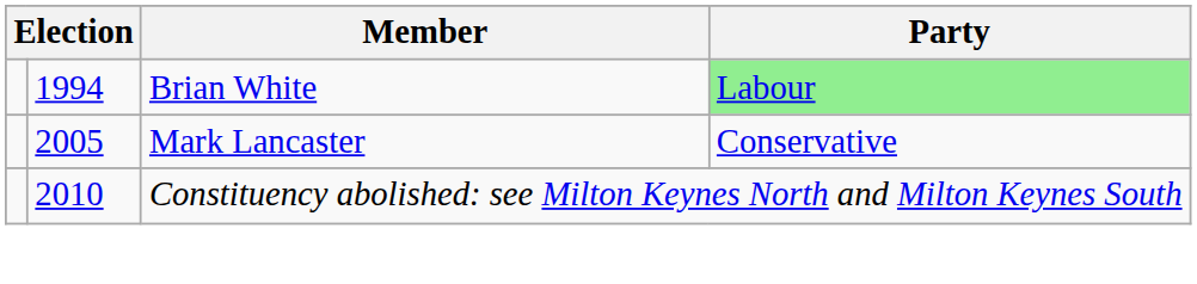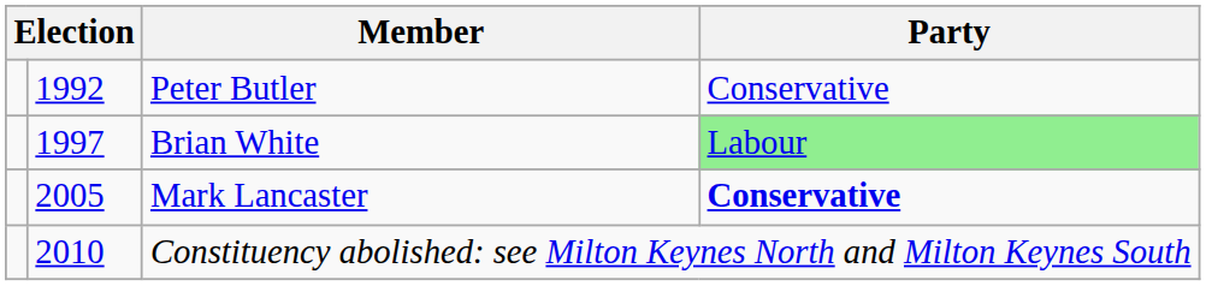 <table class="wikitable">
 <tr>
 <th colspan="2">Election</th>
 <th>Member</th>
 <th>Party</th>
 </tr>
 <tr>
 <td style="color:inherit;background-color: "></td>
-<td><a href='#'>1994</a></td>
+<td><a href='#'>1992</a></td>
+<td><a href='#'>Peter Butler</a></td>
+<td><a href='#'>Conservative</a></td>
+</tr>
+<tr>
+<td style="color:inherit;background-color: "></td>
+<td><a href='#'>1997</a></td>
 <td><a href='#'>Brian White</a></td>
 <td style="background: lightgreen;"><a href='#'>Labour</a></td>
 </tr>
 <tr>
 <td style="color:inherit;background-color: "></td>
 <td><a href='#'>2005</a></td>
 <td><a href='#'>Mark Lancaster</a></td>
-<td><a href='#'>Conservative</a></td>
+<td><strong><a href='#'>Conservative</a></strong></td>
 </tr>
 <tr>
 <td></td>
 <td><a href='#'>2010</a></td>
 <td colspan="2"><em>Constituency abolished: see <a href='#'>Milton Keynes North</a> and <a href='#'>Milton Keynes South</a></em></td>
 </tr>
 </table>
